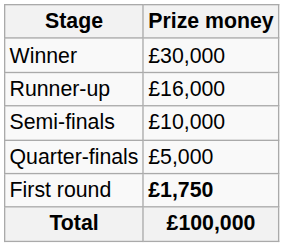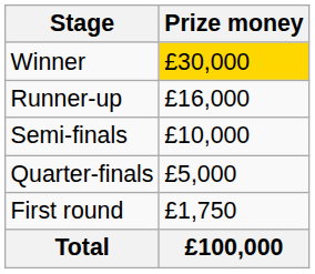 <table class="wikitable">
 <tr>
 <th>Stage</th>
 <th>Prize money</th>
 </tr>
 <tr>
 <td>Winner</td>
-<td>£30,000</td>
+<td style="background: gold;">£30,000</td>
 </tr>
 <tr>
 <td>Runner-up</td>
 <td>£16,000</td>
 </tr>
 <tr>
 <td>Semi-finals</td>
 <td>£10,000</td>
 </tr>
 <tr>
 <td>Quarter-finals</td>
 <td>£5,000</td>
 </tr>
 <tr>
 <td>First round</td>
-<td><strong>£1,750</strong></td>
+<td>£1,750</td>
 </tr>
 <tr>
 <th>Total</th>
 <th>£100,000</th>
 </tr>
 </table>
